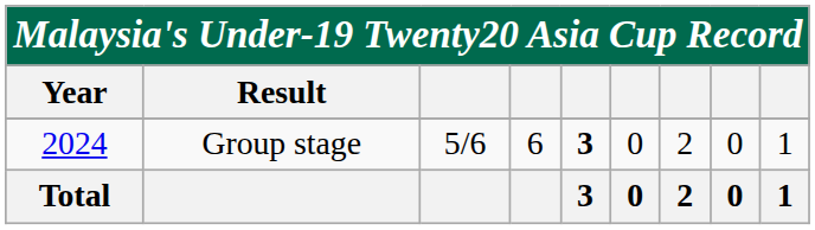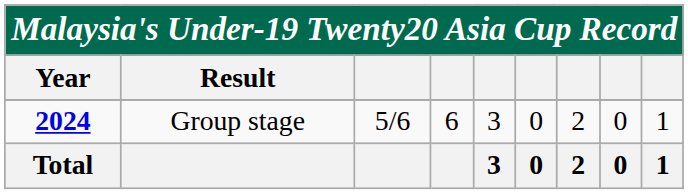 <table class="wikitable" style="text-align:center">
 <tr>
 <th style="color:white; background:#006A4E;" colspan=9><strong><big><em>Malaysia's  Under-19 Twenty20 Asia Cup Record</em></big></strong></th>
 </tr>
 <tr>
 <th>Year</th>
 <th>Result</th>
 <th></th>
 <th></th>
 <th></th>
 <th></th>
 <th></th>
 <th></th>
 <th></th>
 </tr>
 <tr bgcolor=pink>
 </tr>
 <tr>
-<td> <a href='#'>2024</a></td>
+<td><strong> <a href='#'>2024</a></strong></td>
 <td>Group stage</td>
 <td>5/6</td>
 <td>6</td>
-<td><strong>3</strong></td>
+<td>3</td>
 <td>0</td>
 <td>2</td>
 <td>0</td>
 <td>1</td>
 </tr>
 <tr>
 <th>Total</th>
 <th></th>
 <th></th>
 <th></th>
 <th>3</th>
 <th>0</th>
 <th>2</th>
 <th>0</th>
 <th>1</th>
 </tr>
 </table>
